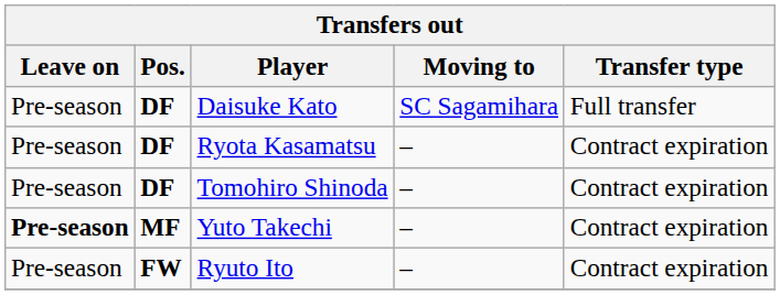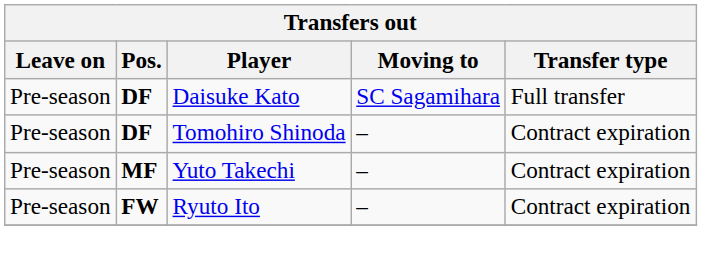 <table class="wikitable sortable" style=“text-align:left;>
 <tr>
 <th colspan="5">Transfers out</th>
 </tr>
 <tr>
 <th>Leave on</th>
 <th>Pos.</th>
 <th>Player</th>
 <th>Moving to</th>
 <th>Transfer type</th>
 </tr>
 <tr>
 <td>Pre-season</td>
 <td><strong>DF</strong></td>
 <td> <a href='#'>Daisuke Kato</a></td>
 <td> <a href='#'>SC Sagamihara</a></td>
 <td>Full transfer</td>
 </tr>
 <tr>
 <td>Pre-season</td>
 <td><strong>DF</strong></td>
-<td> <a href='#'>Ryota Kasamatsu</a></td>
+<td> <a href='#'>Tomohiro Shinoda</a></td>
 <td>–</td>
 <td>Contract expiration</td>
 </tr>
 <tr>
 <td>Pre-season</td>
-<td><strong>DF</strong></td>
-<td> <a href='#'>Tomohiro Shinoda</a></td>
-<td>–</td>
-<td>Contract expiration</td>
-</tr>
-<tr>
-<td><strong>Pre-season</strong></td>
 <td><strong>MF</strong></td>
 <td> <a href='#'>Yuto Takechi</a></td>
 <td>–</td>
 <td>Contract expiration</td>
 </tr>
 <tr>
 <td>Pre-season</td>
 <td><strong>FW</strong></td>
 <td> <a href='#'>Ryuto Ito</a></td>
 <td>–</td>
 <td>Contract expiration</td>
 </tr>
 <tr>
 </tr>
 </table>
